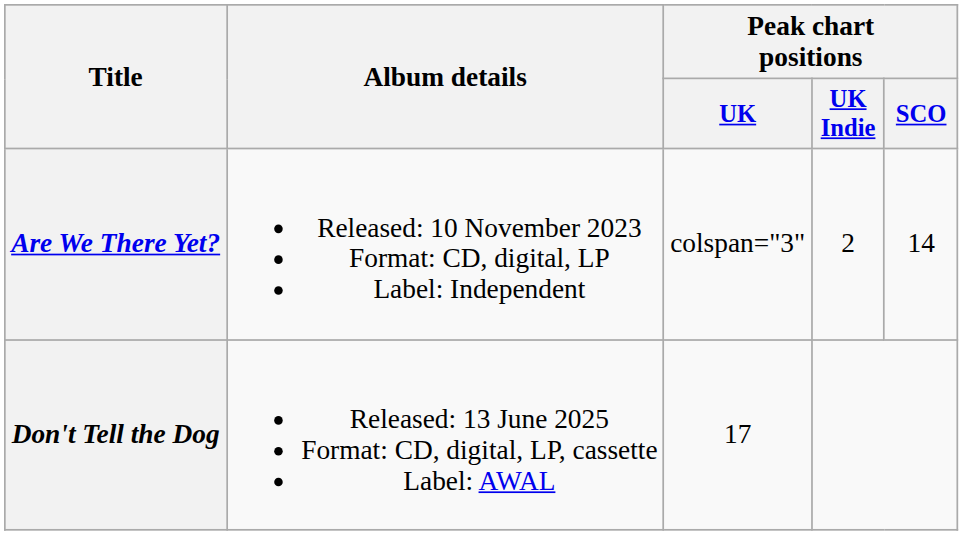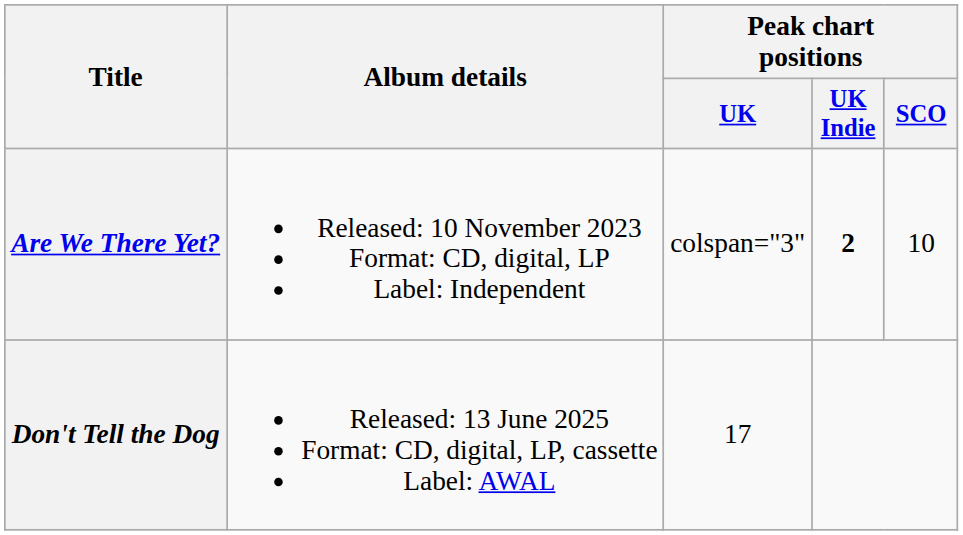 <table class="wikitable plainrowheaders" style="text-align:center;" border="1">
 <tr>
 <th scope="col" rowspan="2">Title</th>
 <th scope="col" rowspan="2">Album details</th>
 <th scope="col" colspan="3">Peak chart<br>positions</th>
 </tr>
 <tr>
 <th scope="col" style="width:2.5em;font-size:90%"><a href='#'>UK</a><br></th>
 <th scope="col" style="width:2.5em;font-size:90%"><a href='#'>UK Indie</a><br></th>
 <th scope="col" style="width:2.5em;font-size:90%"><a href='#'>SCO</a><br></th>
 </tr>
 <tr>
 <th scope="row"><em><a href='#'>Are We There Yet?</a></em></th>
 <td><br><ul><li>Released: 10 November 2023</li><li>Format: CD, digital, LP</li><li>Label: Independent</li></ul></td>
 <td>colspan="3" </td>
-<td>2</td>
-<td>14</td>
+<td><strong>2</strong></td>
+<td>10</td>
 </tr>
 <tr>
 <th scope="row"><em>Don't Tell the Dog</em></th>
 <td><br><ul><li>Released: 13 June 2025</li><li>Format: CD, digital, LP, cassette</li><li>Label: <a href='#'>AWAL</a></li></ul></td>
 <td>17</td>
 </tr>
 </table>
